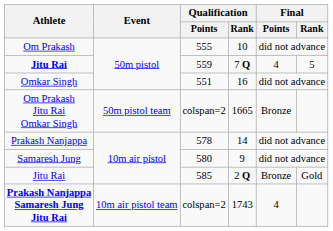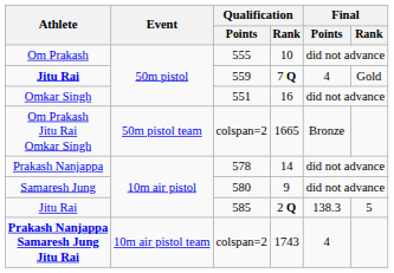 <table class=wikitable style="text-align:center; font-size:90%">
 <tr>
 <th rowspan=2>Athlete</th>
 <th rowspan=2>Event</th>
 <th colspan=2>Qualification</th>
 <th colspan=2>Final</th>
 </tr>
 <tr style="font-size:95%">
 <th>Points</th>
 <th>Rank</th>
 <th>Points</th>
 <th>Rank</th>
 </tr>
 <tr>
 <td><a href='#'>Om Prakash</a></td>
 <td rowspan=3><a href='#'>50m pistol</a></td>
 <td>555</td>
 <td>10</td>
 <td style="text-align:center;" colspan=2>did not advance</td>
 </tr>
 <tr>
 <td><strong><a href='#'>Jitu Rai</a></strong></td>
 <td>559</td>
 <td>7 <strong>Q</strong></td>
 <td>4</td>
-<td>5</td>
+<td> Gold</td>
 </tr>
 <tr>
 <td><a href='#'>Omkar Singh</a></td>
 <td>551</td>
 <td>16</td>
 <td style="text-align:center;" colspan=2>did not advance</td>
 </tr>
 <tr>
 <td><a href='#'>Om Prakash</a><br><a href='#'>Jitu Rai</a><br><a href='#'>Omkar Singh</a></td>
 <td><a href='#'>50m pistol team</a></td>
 <td>colspan=2 </td>
 <td>1665</td>
 <td> Bronze</td>
 </tr>
 <tr>
 <td><a href='#'>Prakash Nanjappa</a></td>
 <td rowspan=3><a href='#'>10m air pistol</a></td>
 <td>578</td>
 <td>14</td>
 <td style="text-align:center;" colspan=2>did not advance</td>
 </tr>
 <tr>
 <td><a href='#'>Samaresh Jung</a></td>
 <td>580</td>
 <td>9</td>
 <td style="text-align:center;" colspan=2>did not advance</td>
 </tr>
 <tr>
 <td><a href='#'>Jitu Rai</a></td>
 <td>585</td>
 <td>2 <strong>Q</strong></td>
-<td> Bronze</td>
-<td> Gold</td>
+<td>138.3</td>
+<td>5</td>
 </tr>
 <tr>
 <td><strong><a href='#'>Prakash Nanjappa</a><br><a href='#'>Samaresh Jung</a><br><a href='#'>Jitu Rai</a></strong></td>
 <td><a href='#'>10m air pistol team</a></td>
 <td>colspan=2 </td>
 <td>1743</td>
 <td>4</td>
 </tr>
 </table>
